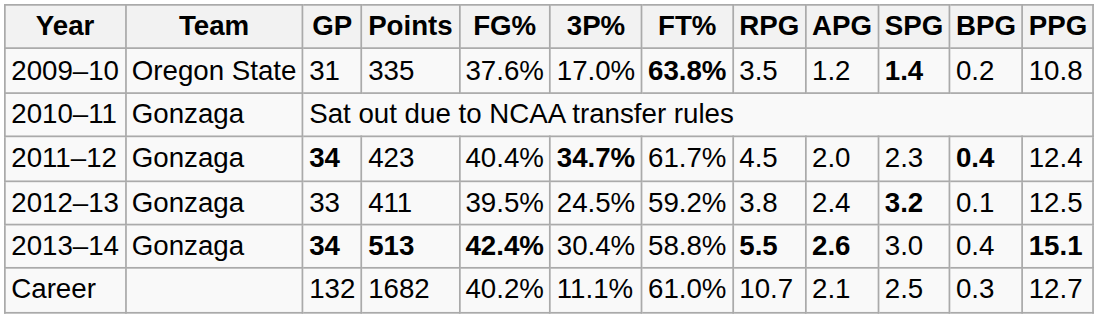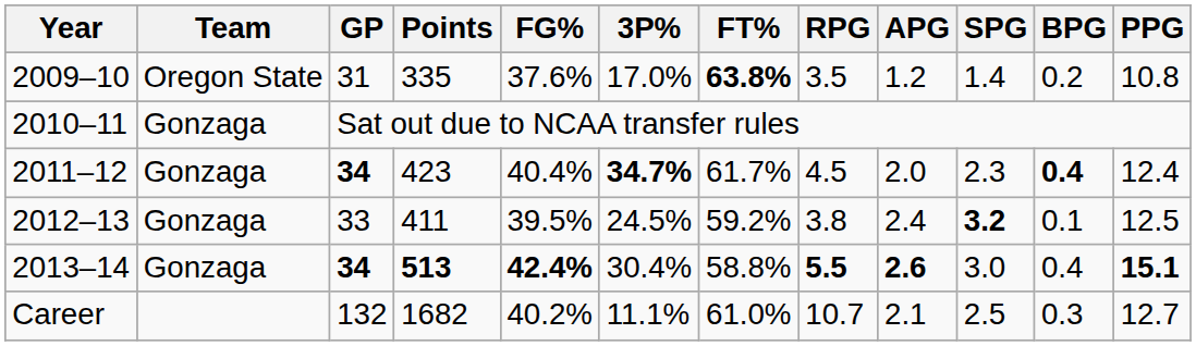 <table class="wikitable">
 <tr>
 <th>Year</th>
 <th>Team</th>
 <th>GP</th>
 <th>Points</th>
 <th>FG%</th>
 <th>3P%</th>
 <th>FT%</th>
 <th>RPG</th>
 <th>APG</th>
 <th>SPG</th>
 <th>BPG</th>
 <th>PPG</th>
 </tr>
 <tr>
 <td>2009–10</td>
 <td>Oregon State</td>
 <td>31</td>
 <td>335</td>
 <td>37.6%</td>
 <td>17.0%</td>
 <td><strong>63.8%</strong></td>
 <td>3.5</td>
 <td>1.2</td>
-<td><strong>1.4</strong></td>
+<td>1.4</td>
 <td>0.2</td>
 <td>10.8</td>
 </tr>
 <tr>
 <td>2010–11</td>
 <td>Gonzaga</td>
 <td colspan="10">Sat out due to NCAA transfer rules</td>
 </tr>
 <tr>
 <td>2011–12</td>
 <td>Gonzaga</td>
 <td><strong>34</strong></td>
 <td>423</td>
 <td>40.4%</td>
 <td><strong>34.7%</strong></td>
 <td>61.7%</td>
 <td>4.5</td>
 <td>2.0</td>
 <td>2.3</td>
 <td><strong>0.4</strong></td>
 <td>12.4</td>
 </tr>
 <tr>
 <td>2012–13</td>
 <td>Gonzaga</td>
 <td>33</td>
 <td>411</td>
 <td>39.5%</td>
 <td>24.5%</td>
 <td>59.2%</td>
 <td>3.8</td>
 <td>2.4</td>
 <td><strong>3.2</strong></td>
 <td>0.1</td>
 <td>12.5</td>
 </tr>
 <tr>
 <td>2013–14</td>
 <td>Gonzaga</td>
 <td><strong>34</strong></td>
 <td><strong>513</strong></td>
 <td><strong>42.4%</strong></td>
 <td>30.4%</td>
 <td>58.8%</td>
 <td><strong>5.5</strong></td>
 <td><strong>2.6</strong></td>
 <td>3.0</td>
 <td>0.4</td>
 <td><strong>15.1</strong></td>
 </tr>
 <tr>
 <td>Career</td>
 <td></td>
 <td>132</td>
 <td>1682</td>
 <td>40.2%</td>
 <td>11.1%</td>
 <td>61.0%</td>
 <td>10.7</td>
 <td>2.1</td>
 <td>2.5</td>
 <td>0.3</td>
 <td>12.7</td>
 </tr>
 </table>
